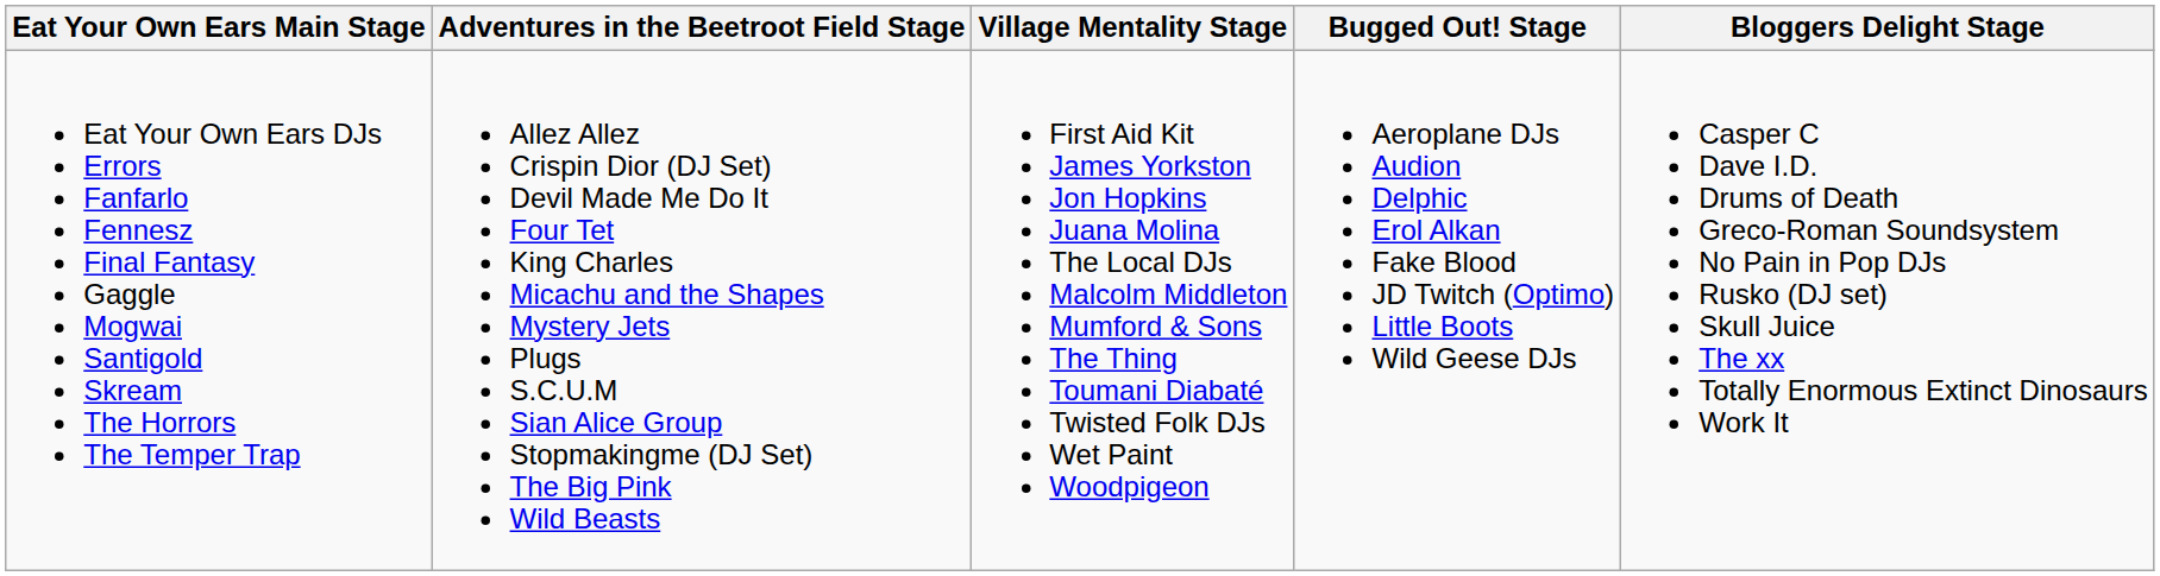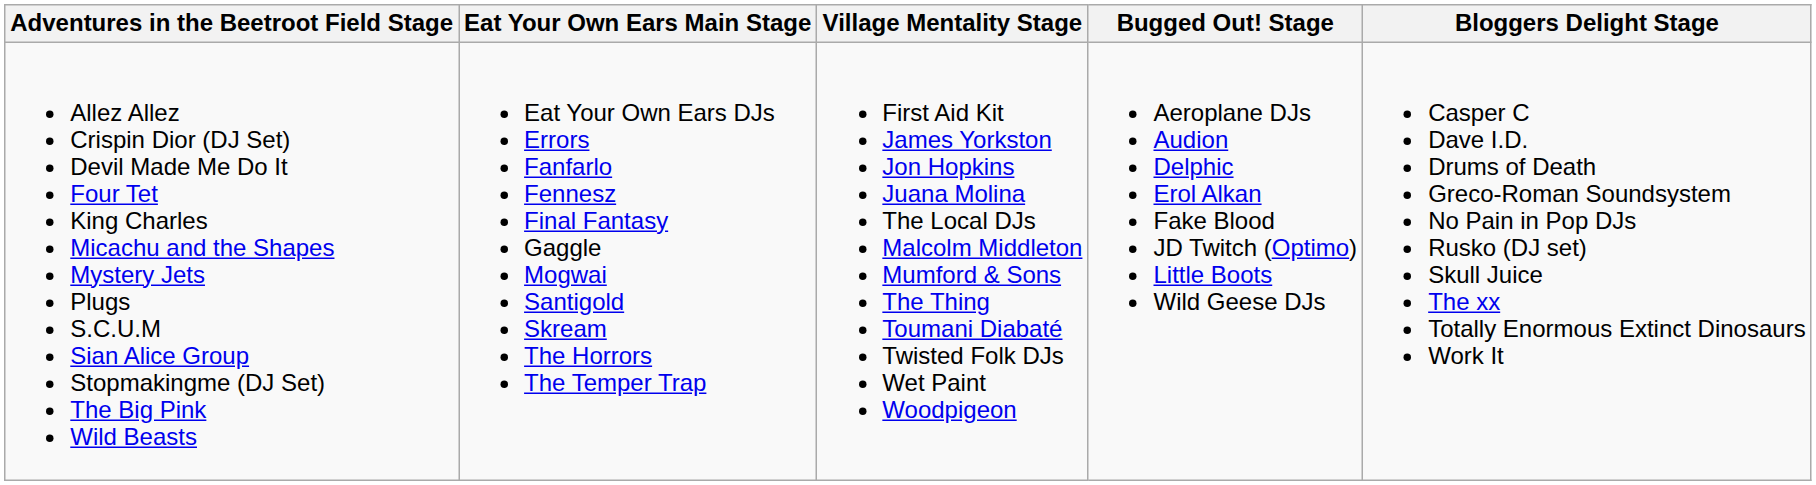 <table class="wikitable">
 <tr>
+<th>Adventures in the Beetroot Field Stage</th>
 <th>Eat Your Own Ears Main Stage</th>
-<th>Adventures in the Beetroot Field Stage</th>
 <th>Village Mentality Stage</th>
 <th>Bugged Out! Stage</th>
 <th>Bloggers Delight Stage</th>
 </tr>
 <tr valign="top">
+<td><br><ul><li>Allez Allez</li><li>Crispin Dior (DJ Set)</li><li>Devil Made Me Do It</li><li><a href='#'>Four Tet</a></li><li>King Charles</li><li><a href='#'>Micachu and the Shapes</a></li><li><a href='#'>Mystery Jets</a></li><li>Plugs</li><li>S.C.U.M</li><li><a href='#'>Sian Alice Group</a></li><li>Stopmakingme (DJ Set)</li><li><a href='#'>The Big Pink</a></li><li><a href='#'>Wild Beasts</a></li></ul></td>
 <td><br><ul><li>Eat Your Own Ears DJs</li><li><a href='#'>Errors</a></li><li><a href='#'>Fanfarlo</a></li><li><a href='#'>Fennesz</a></li><li><a href='#'>Final Fantasy</a></li><li>Gaggle</li><li><a href='#'>Mogwai</a></li><li><a href='#'>Santigold</a></li><li><a href='#'>Skream</a></li><li><a href='#'>The Horrors</a></li><li><a href='#'>The Temper Trap</a></li></ul></td>
-<td><br><ul><li>Allez Allez</li><li>Crispin Dior (DJ Set)</li><li>Devil Made Me Do It</li><li><a href='#'>Four Tet</a></li><li>King Charles</li><li><a href='#'>Micachu and the Shapes</a></li><li><a href='#'>Mystery Jets</a></li><li>Plugs</li><li>S.C.U.M</li><li><a href='#'>Sian Alice Group</a></li><li>Stopmakingme (DJ Set)</li><li><a href='#'>The Big Pink</a></li><li><a href='#'>Wild Beasts</a></li></ul></td>
 <td><br><ul><li>First Aid Kit</li><li><a href='#'>James Yorkston</a></li><li><a href='#'>Jon Hopkins</a></li><li><a href='#'>Juana Molina</a></li><li>The Local DJs</li><li><a href='#'>Malcolm Middleton</a></li><li><a href='#'>Mumford & Sons</a></li><li><a href='#'>The Thing</a></li><li><a href='#'>Toumani Diabaté</a></li><li>Twisted Folk DJs</li><li>Wet Paint</li><li><a href='#'>Woodpigeon</a></li></ul></td>
 <td><br><ul><li>Aeroplane DJs</li><li><a href='#'>Audion</a></li><li><a href='#'>Delphic</a></li><li><a href='#'>Erol Alkan</a></li><li>Fake Blood</li><li>JD Twitch (<a href='#'>Optimo</a>)</li><li><a href='#'>Little Boots</a></li><li>Wild Geese DJs</li></ul></td>
 <td><br><ul><li>Casper C</li><li>Dave I.D.</li><li>Drums of Death</li><li>Greco-Roman Soundsystem</li><li>No Pain in Pop DJs</li><li>Rusko (DJ set)</li><li>Skull Juice</li><li><a href='#'>The xx</a></li><li>Totally Enormous Extinct Dinosaurs</li><li>Work It</li></ul></td>
 </tr>
 </table>
